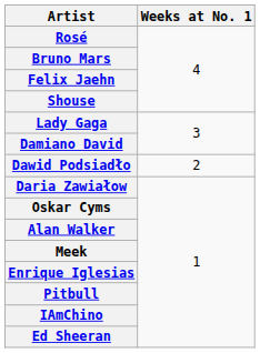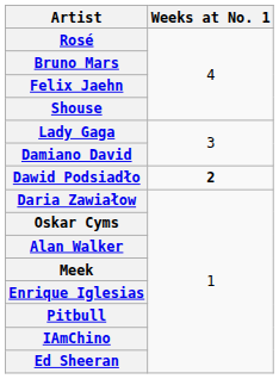 <table class="wikitable plainrowheaders" style="text-align:center;">
 <tr>
 <th>Artist</th>
 <th>Weeks at No. 1</th>
 </tr>
 <tr>
 <th scope="row"><a href='#'>Rosé</a></th>
 <td rowspan="4">4</td>
 </tr>
 <tr>
 <th scope="row"><a href='#'>Bruno Mars</a></th>
 </tr>
 <tr>
 <th scope="row"><a href='#'>Felix Jaehn</a></th>
 </tr>
 <tr>
 <th scope="row"><a href='#'>Shouse</a></th>
 </tr>
 <tr>
 <th scope="row"><a href='#'>Lady Gaga</a></th>
 <td rowspan="2">3</td>
 </tr>
 <tr>
 <th scope="row"><a href='#'>Damiano David</a></th>
 </tr>
 <tr>
 <th scope="row"><a href='#'>Dawid Podsiadło</a></th>
-<td>2</td>
+<td><strong>2</strong></td>
 </tr>
 <tr>
 <th scope="row"><a href='#'>Daria Zawiałow</a></th>
 <td rowspan="8">1</td>
 </tr>
 <tr>
 <th scope="row">Oskar Cyms</th>
 </tr>
 <tr>
 <th scope="row"><a href='#'>Alan Walker</a></th>
 </tr>
 <tr>
 <th scope="row">Meek</th>
 </tr>
 <tr>
 <th scope="row"><a href='#'>Enrique Iglesias</a></th>
 </tr>
 <tr>
 <th scope="row"><a href='#'>Pitbull</a></th>
 </tr>
 <tr>
 <th scope="row"><a href='#'>IAmChino</a></th>
 </tr>
 <tr>
 <th scope="row"><a href='#'>Ed Sheeran</a></th>
 </tr>
 </table>
